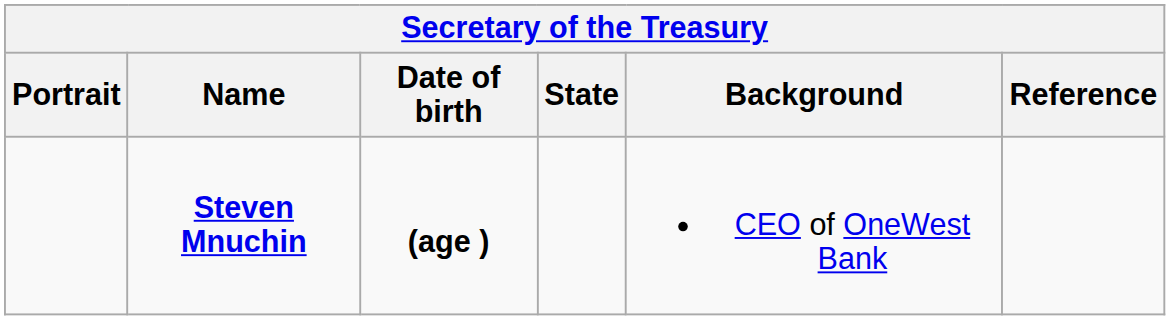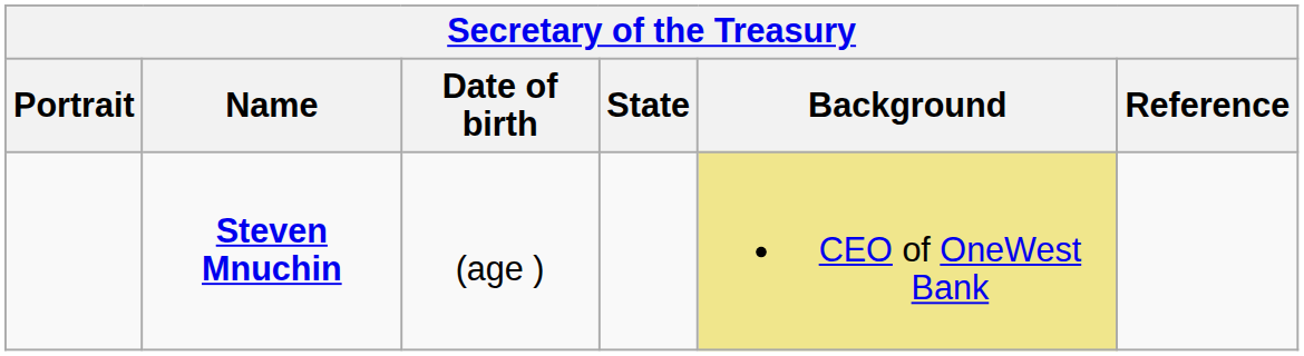 <table class="wikitable collapsible" style="text-align:center;">
 <tr>
 <th colspan="6"><a href='#'>Secretary of the Treasury</a></th>
 </tr>
 <tr>
 <th>Portrait</th>
 <th>Name</th>
 <th>Date of birth</th>
 <th>State</th>
 <th>Background</th>
 <th>Reference</th>
 </tr>
 <tr>
 <td></td>
 <td><strong><a href='#'>Steven Mnuchin</a></strong></td>
-<td><strong><br>(age )</strong></td>
+<td><br>(age )</td>
 <td></td>
-<td><br><ul><li><a href='#'>CEO</a> of <a href='#'>OneWest Bank</a></li></ul></td>
+<td style="background: khaki;"><br><ul><li><a href='#'>CEO</a> of <a href='#'>OneWest Bank</a></li></ul></td>
 <td></td>
 </tr>
 </table>
